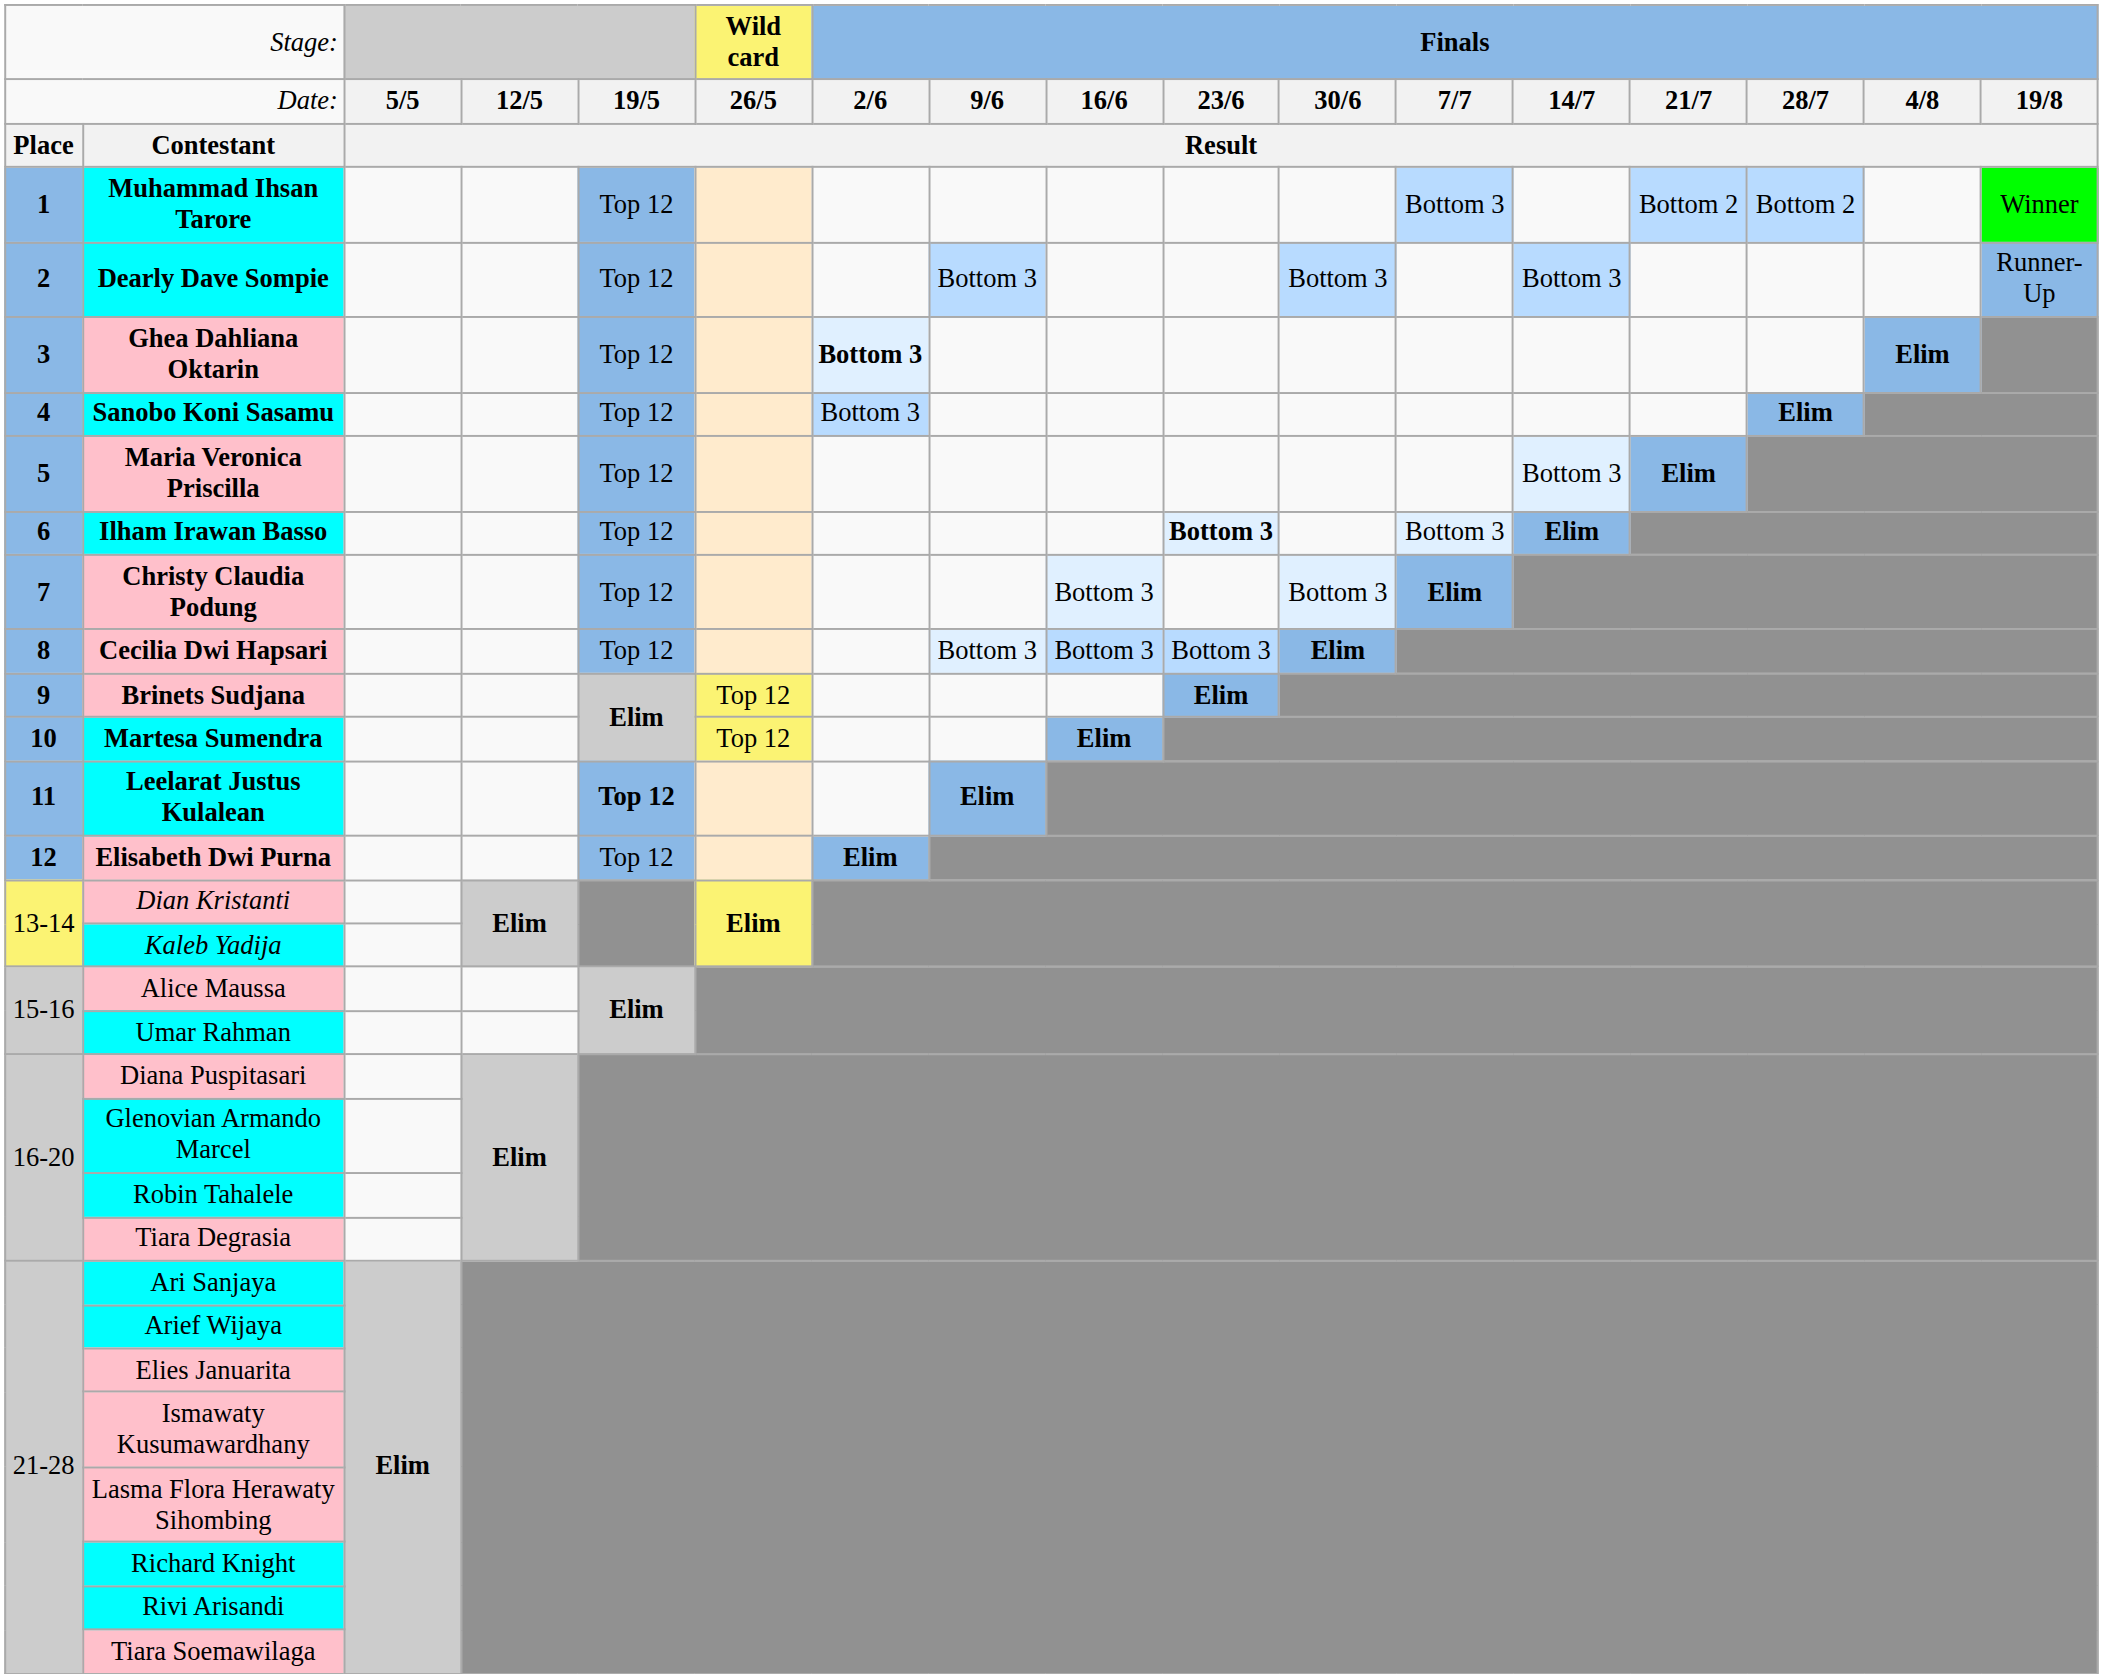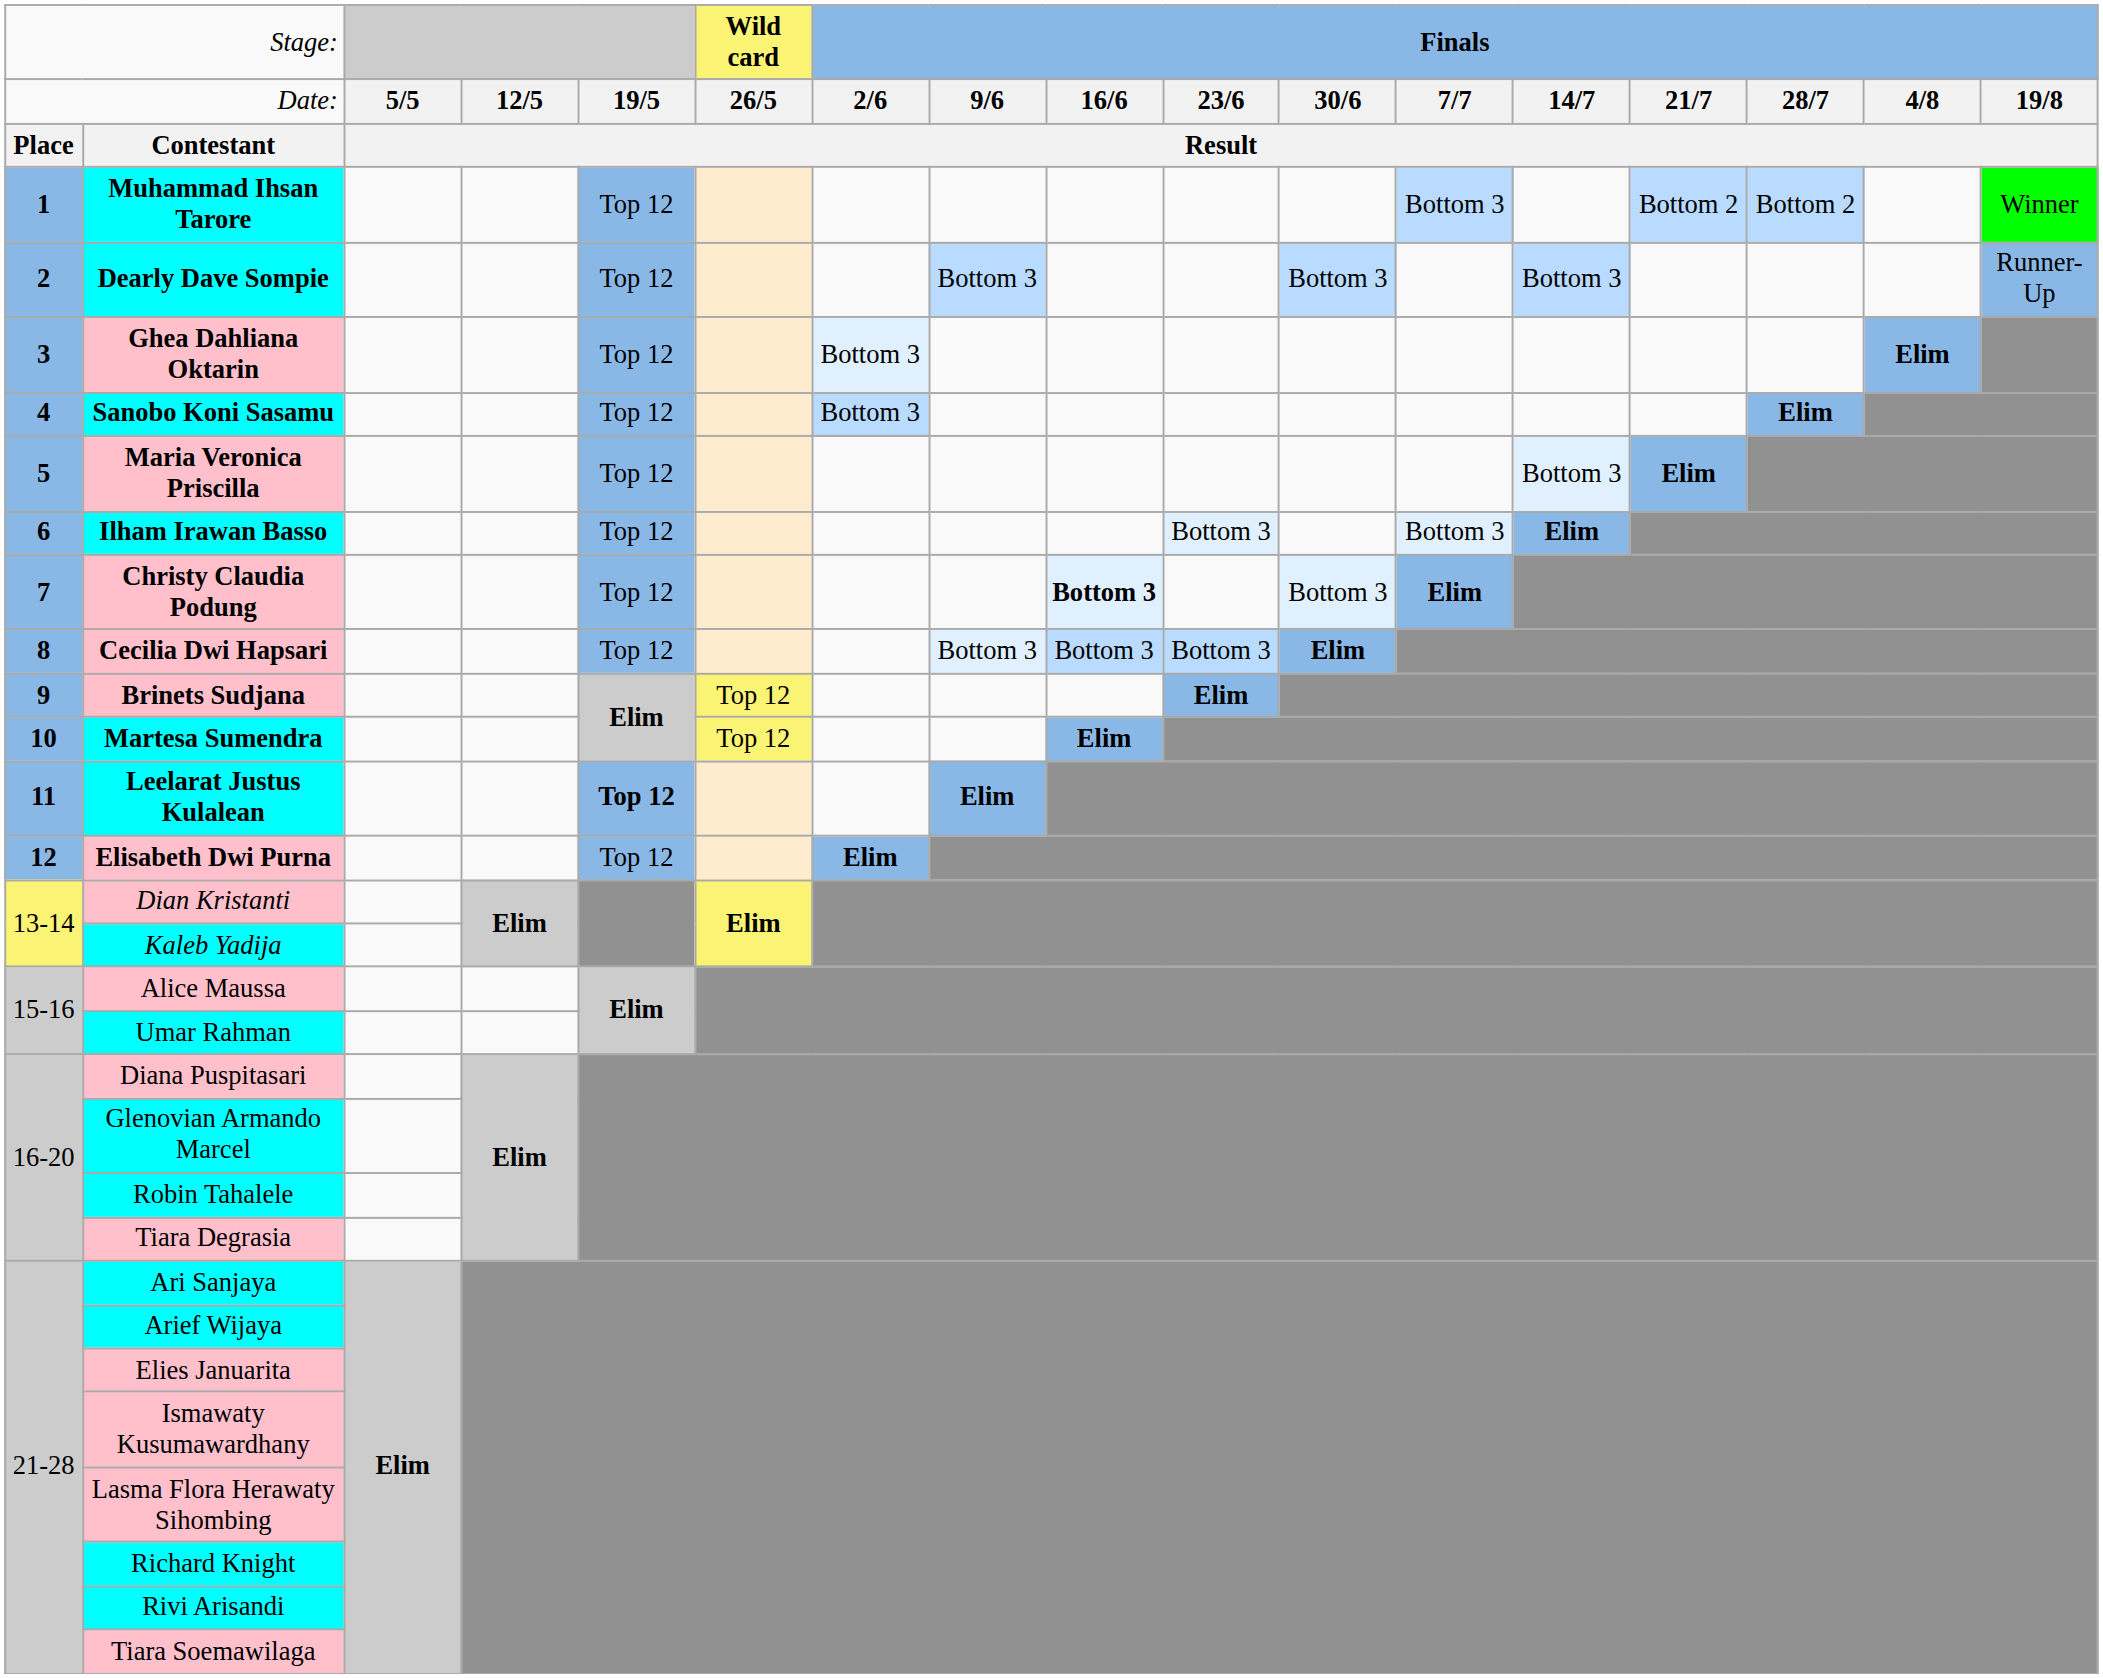 <table class="wikitable" style="margin:1em auto; text-align:center; font-size:85%; width:85%">
 <tr>
 <td colspan="2" style="text-align:right;"><em>Stage:</em></td>
 <td colspan="3" style="background:#ccc;"><strong></strong></td>
 <td style="background:#fbf373;"><strong>Wild card</strong></td>
 <td colspan="20" style="background:#8ab8e6;"><strong>Finals</strong></td>
 </tr>
 <tr>
 <td colspan="2" style="text-align:right;"><em>Date:</em></td>
 <th style="width:50px">5/5</th>
 <th style="width:50px">12/5</th>
 <th style="width:50px">19/5</th>
 <th style="width:50px">26/5</th>
 <th style="width:50px">2/6</th>
 <th style="width:50px">9/6</th>
 <th style="width:50px">16/6</th>
 <th style="width:50px">23/6</th>
 <th style="width:50px">30/6</th>
 <th style="width:50px">7/7</th>
 <th style="width:50px">14/7</th>
 <th style="width:50px">21/7</th>
 <th style="width:50px">28/7</th>
 <th style="width:50px">4/8</th>
 <th style="width:50px">19/8</th>
 </tr>
 <tr>
 <th style="width:30px">Place</th>
 <th style="width:120px">Contestant</th>
 <th colspan="20">Result</th>
 </tr>
 <tr>
 <td style="background:#8ab8e6;"><strong>1</strong></td>
 <td style="background:cyan;"><strong>Muhammad Ihsan Tarore</strong></td>
 <td></td>
 <td></td>
 <td style="background:#8ab8e6;">Top 12</td>
 <td style="background:#ffebcd;"></td>
 <td></td>
 <td></td>
 <td></td>
 <td></td>
 <td></td>
 <td style="background:#b8dbff;">Bottom 3</td>
 <td></td>
 <td style="background:#b8dbff;">Bottom 2</td>
 <td style="background:#b8dbff;">Bottom 2</td>
 <td></td>
 <td style="background:lime;">Winner</td>
 </tr>
 <tr>
 <td style="background:#8ab8e6;"><strong>2</strong></td>
 <td style="background:cyan;"><strong>Dearly Dave Sompie</strong></td>
 <td></td>
 <td></td>
 <td style="background:#8ab8e6;">Top 12</td>
 <td style="background:#ffebcd;"></td>
 <td></td>
 <td style="background:#b8dbff;">Bottom 3</td>
 <td></td>
 <td></td>
 <td style="background:#b8dbff;">Bottom 3</td>
 <td></td>
 <td style="background:#b8dbff;">Bottom 3</td>
 <td></td>
 <td></td>
 <td></td>
 <td style="background: #8ab8e6;">Runner-Up</td>
 </tr>
 <tr>
 <td style="background:#8ab8e6;"><strong>3</strong></td>
 <td style="background:pink;"><strong>Ghea Dahliana Oktarin</strong></td>
 <td></td>
 <td></td>
 <td style="background:#8ab8e6;">Top 12</td>
 <td style="background:#ffebcd;"></td>
-<td style="background:#e0f0ff;"><strong>Bottom 3</strong></td>
+<td style="background:#e0f0ff;">Bottom 3</td>
 <td></td>
 <td></td>
 <td></td>
 <td></td>
 <td></td>
 <td></td>
 <td></td>
 <td></td>
 <td style="background:#8ab8e6;"><strong>Elim</strong></td>
 <td style="background:#919191;" colspan="36"></td>
 </tr>
 <tr>
 <td style="background:#8ab8e6;"><strong>4</strong></td>
 <td style="background:cyan;"><strong>Sanobo Koni Sasamu</strong></td>
 <td></td>
 <td></td>
 <td style="background:#8ab8e6;">Top 12</td>
 <td style="background:#ffebcd;"></td>
 <td style="background:#b8dbff;">Bottom 3</td>
 <td></td>
 <td></td>
 <td></td>
 <td></td>
 <td></td>
 <td></td>
 <td></td>
 <td style="background:#8ab8e6;"><strong>Elim</strong></td>
 <td style="background:#919191;" colspan="36"></td>
 </tr>
 <tr>
 <td style="background:#8ab8e6;"><strong>5</strong></td>
 <td style="background:pink;"><strong>Maria Veronica Priscilla</strong></td>
 <td></td>
 <td></td>
 <td style="background:#8ab8e6;">Top 12</td>
 <td style="background:#ffebcd;"></td>
 <td></td>
 <td></td>
 <td></td>
 <td></td>
 <td></td>
 <td></td>
 <td style="background:#e0f0ff;">Bottom 3</td>
 <td style="background:#8ab8e6;"><strong>Elim</strong></td>
 <td style="background:#919191;" colspan="63"></td>
 </tr>
 <tr>
 <td style="background:#8ab8e6;"><strong>6</strong></td>
 <td style="background:cyan;"><strong>Ilham Irawan Basso</strong></td>
 <td></td>
 <td></td>
 <td style="background:#8ab8e6;">Top 12</td>
 <td style="background:#ffebcd;"></td>
 <td></td>
 <td></td>
 <td></td>
-<td style="background:#e0f0ff;"><strong>Bottom 3</strong></td>
+<td style="background:#e0f0ff;">Bottom 3</td>
 <td></td>
 <td style="background:#e0f0ff;">Bottom 3</td>
 <td style="background:#8ab8e6;"><strong>Elim</strong></td>
 <td style="background:#919191;" colspan="36"></td>
 </tr>
 <tr>
 <td style="background:#8ab8e6;"><strong>7</strong></td>
 <td style="background:pink;"><strong>Christy Claudia Podung</strong></td>
 <td></td>
 <td></td>
 <td style="background:#8ab8e6;">Top 12</td>
 <td style="background:#ffebcd;"></td>
 <td></td>
 <td></td>
-<td style="background:#e0f0ff;">Bottom 3</td>
+<td style="background:#e0f0ff;"><strong>Bottom 3</strong></td>
 <td></td>
 <td style="background:#e0f0ff;">Bottom 3</td>
 <td style="background:#8ab8e6;"><strong>Elim</strong></td>
 <td style="background:#919191;" colspan="36"></td>
 </tr>
 <tr>
 <td style="background:#8ab8e6;"><strong>8</strong></td>
 <td style="background:pink;"><strong>Cecilia Dwi Hapsari</strong></td>
 <td></td>
 <td></td>
 <td style="background:#8ab8e6;">Top 12</td>
 <td style="background:#ffebcd;"></td>
 <td></td>
 <td style="background:#e0f0ff;">Bottom 3</td>
 <td style="background:#b8dbff;">Bottom 3</td>
 <td style="background:#b8dbff;">Bottom 3</td>
 <td style="background:#8ab8e6;"><strong>Elim</strong></td>
 <td style="background:#919191;" colspan="36"></td>
 </tr>
 <tr>
 <td style="background:#8ab8e6;"><strong>9</strong></td>
 <td style="background:pink;"><strong>Brinets Sudjana</strong></td>
 <td></td>
 <td></td>
 <td style="background:#ccc;" rowspan="2"><strong>Elim</strong></td>
 <td style="background:#fbf373;">Top 12</td>
 <td></td>
 <td></td>
 <td></td>
 <td style="background:#8ab8e6;"><strong>Elim</strong></td>
 <td style="background:#919191;" colspan="36"></td>
 </tr>
 <tr>
 <td style="background:#8ab8e6;"><strong>10</strong></td>
 <td style="background:cyan;"><strong>Martesa Sumendra</strong></td>
 <td></td>
 <td></td>
 <td style="background:#fbf373;">Top 12</td>
 <td></td>
 <td></td>
 <td style="background:#8ab8e6;"><strong>Elim</strong></td>
 <td style="background:#919191;" colspan="33"></td>
 </tr>
 <tr>
 <td style="background:#8ab8e6;"><strong>11</strong></td>
 <td style="background:cyan;"><strong>Leelarat Justus Kulalean</strong></td>
 <td></td>
 <td></td>
 <td style="background:#8ab8e6;"><strong>Top 12</strong></td>
 <td style="background:#ffebcd;"></td>
 <td></td>
 <td style="background:#8ab8e6;"><strong>Elim</strong></td>
 <td style="background:#919191;" colspan="33"></td>
 </tr>
 <tr>
 <td style="background:#8ab8e6;"><strong>12</strong></td>
 <td style="background:pink;"><strong>Elisabeth Dwi Purna</strong></td>
 <td></td>
 <td></td>
 <td style="background:#8ab8e6;">Top 12</td>
 <td style="background:#ffebcd;"></td>
 <td style="background:#8ab8e6;"><strong>Elim</strong></td>
 <td style="background:#919191;" colspan="33"></td>
 </tr>
 <tr>
 <td rowspan="2" style="background:#fbf373;">13-14</td>
 <td style="background:pink;"><em>Dian Kristanti</em></td>
 <td></td>
 <td style="background:#ccc;" rowspan="2"><strong>Elim</strong></td>
 <td style="background:#919191;" colspan="1" rowspan="2"></td>
 <td style="background:#fbf373;" rowspan="2"><strong>Elim</strong></td>
 <td style="background:#919191;" colspan="33" rowspan="2"></td>
 </tr>
 <tr>
 <td style="background:cyan;"><em>Kaleb Yadija</em></td>
 <td></td>
 </tr>
 <tr>
 <td rowspan="2" style="background:#ccc;">15-16</td>
 <td style="background:pink;">Alice Maussa</td>
 <td></td>
 <td></td>
 <td style="background:#ccc;" rowspan="2"><strong>Elim</strong></td>
 <td style="background:#919191;" colspan="33" rowspan="2"></td>
 </tr>
 <tr>
 <td style="background:cyan;">Umar Rahman</td>
 <td></td>
 <td></td>
 </tr>
 <tr>
 <td rowspan="4" style="background:#ccc;">16-20</td>
 <td style="background:pink;">Diana Puspitasari</td>
 <td></td>
 <td style="background:#ccc;" rowspan="4"><strong>Elim</strong></td>
 <td style="background:#919191;" colspan="33" rowspan="4"></td>
 </tr>
 <tr>
 <td style="background:cyan;">Glenovian Armando Marcel</td>
 <td></td>
 </tr>
 <tr>
 <td style="background:cyan;">Robin Tahalele</td>
 <td></td>
 </tr>
 <tr>
 <td style="background:pink;">Tiara Degrasia</td>
 <td></td>
 </tr>
 <tr>
 <td rowspan="8" style="background:#ccc;">21-28</td>
 <td style="background:cyan;">Ari Sanjaya</td>
 <td style="background:#ccc;" rowspan="8"><strong>Elim</strong></td>
 <td style="background:#919191;" colspan="33" rowspan="8"></td>
 </tr>
 <tr>
 <td style="background:cyan;">Arief Wijaya</td>
 </tr>
 <tr>
 <td style="background:pink;">Elies Januarita</td>
 </tr>
 <tr>
 <td style="background:pink;">Ismawaty Kusumawardhany</td>
 </tr>
 <tr>
 <td style="background:pink;">Lasma Flora Herawaty Sihombing</td>
 </tr>
 <tr>
 <td style="background:cyan;">Richard Knight</td>
 </tr>
 <tr>
 <td style="background:cyan;">Rivi Arisandi</td>
 </tr>
 <tr>
 <td style="background:pink;">Tiara Soemawilaga</td>
 </tr>
 <tr>
 </tr>
 </table>
